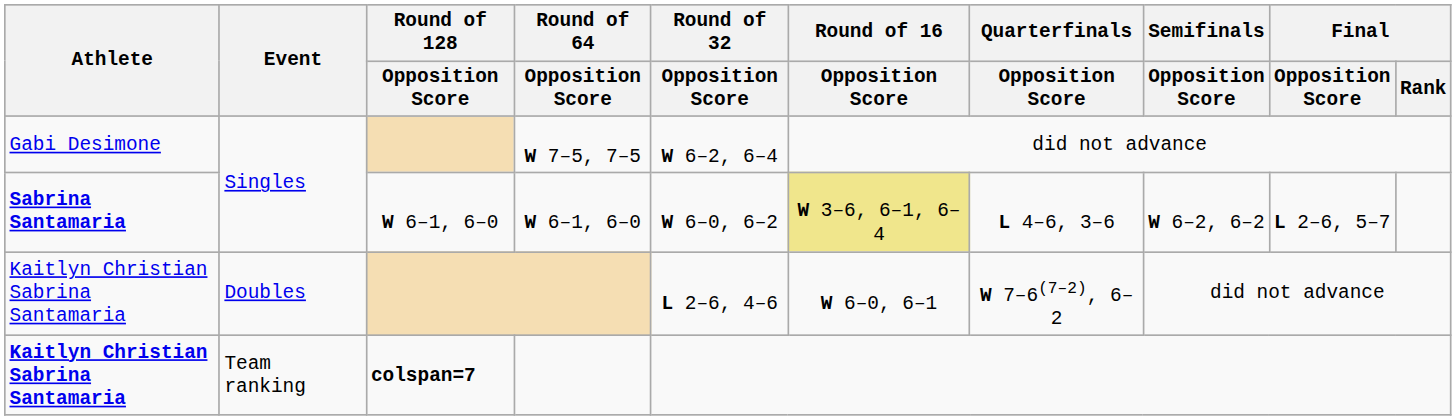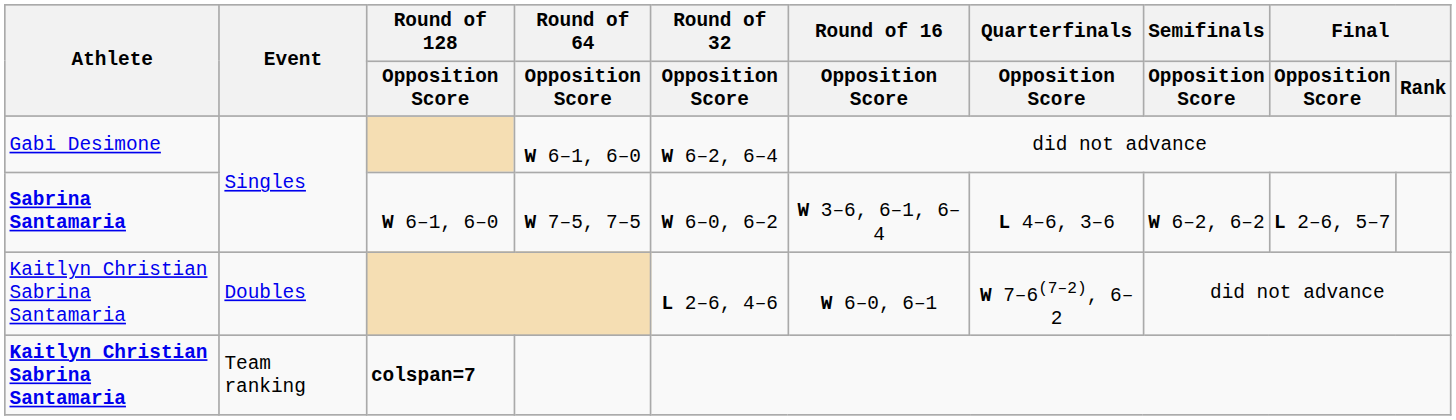 <table class="wikitable" border="1" style="font-size:90%">
 <tr>
 <th rowspan=2>Athlete</th>
 <th rowspan=2>Event</th>
 <th>Round of 128</th>
 <th>Round of 64</th>
 <th>Round of 32</th>
 <th>Round of 16</th>
 <th>Quarterfinals</th>
 <th>Semifinals</th>
 <th colspan=2>Final</th>
 </tr>
 <tr>
 <th>Opposition<br>Score</th>
 <th>Opposition<br>Score</th>
 <th>Opposition<br>Score</th>
 <th>Opposition<br>Score</th>
 <th>Opposition<br>Score</th>
 <th>Opposition<br>Score</th>
 <th>Opposition<br>Score</th>
 <th>Rank</th>
 </tr>
 <tr>
 <td><a href='#'>Gabi Desimone</a></td>
 <td rowspan=2><a href='#'>Singles</a></td>
 <td colspan=1 bgcolor=wheat></td>
-<td align=center><br><strong>W</strong> 7–5, 7–5</td>
+<td align=center><br><strong>W</strong> 6–1, 6–0</td>
 <td align=center><br><strong>W</strong> 6–2, 6–4</td>
 <td align=center colspan=5>did not advance</td>
 </tr>
 <tr>
 <td><strong><a href='#'>Sabrina Santamaria</a></strong></td>
 <td align=center><br><strong>W</strong> 6–1, 6–0</td>
-<td align=center><br><strong>W</strong> 6–1, 6–0</td>
+<td align=center><br><strong>W</strong> 7–5, 7–5</td>
 <td align=center><br><strong>W</strong> 6–0, 6–2</td>
-<td align=center style="background: khaki;"><br><strong>W</strong> 3–6, 6–1, 6–4</td>
+<td align=center><br><strong>W</strong> 3–6, 6–1, 6–4</td>
 <td align=center><br><strong>L</strong> 4–6, 3–6</td>
 <td align=center><br><strong>W</strong> 6–2, 6–2</td>
 <td align=center><br><strong>L</strong> 2–6, 5–7</td>
 <td align=center></td>
 </tr>
 <tr>
 <td><a href='#'>Kaitlyn Christian</a> <br> <a href='#'>Sabrina Santamaria</a></td>
 <td><a href='#'>Doubles</a></td>
 <td colspan=2 bgcolor=wheat></td>
 <td align=center><br><strong>L</strong> 2–6, 4–6</td>
 <td align=center><br><strong>W</strong> 6–0, 6–1</td>
 <td align=center><br><strong>W</strong> 7–6<sup>(7–2)</sup>, 6–2</td>
 <td align=center colspan=3>did not advance</td>
 </tr>
 <tr>
 <td><strong><a href='#'>Kaitlyn Christian</a> <br> <a href='#'>Sabrina Santamaria</a></strong></td>
 <td>Team ranking</td>
 <td><strong>colspan=7 </strong></td>
 <td align=center></td>
 </tr>
 </table>
